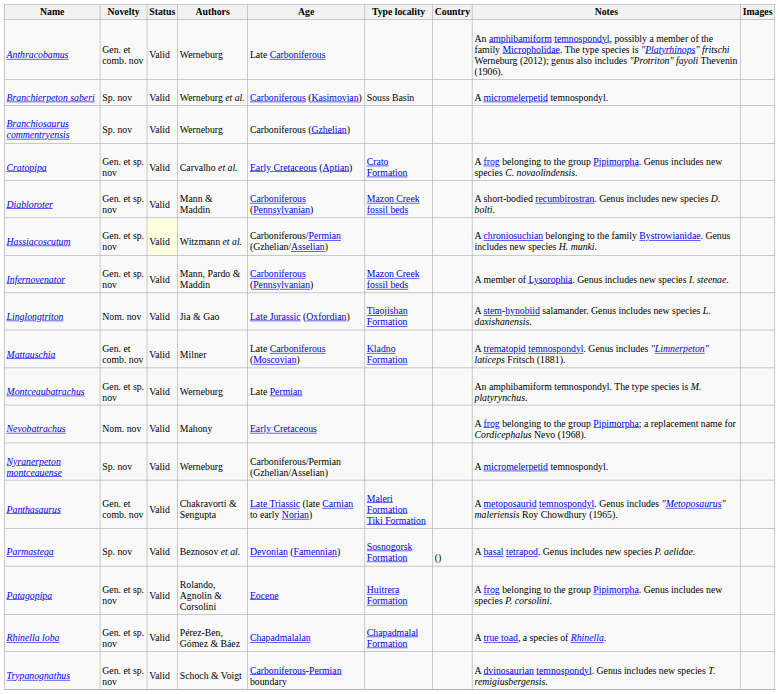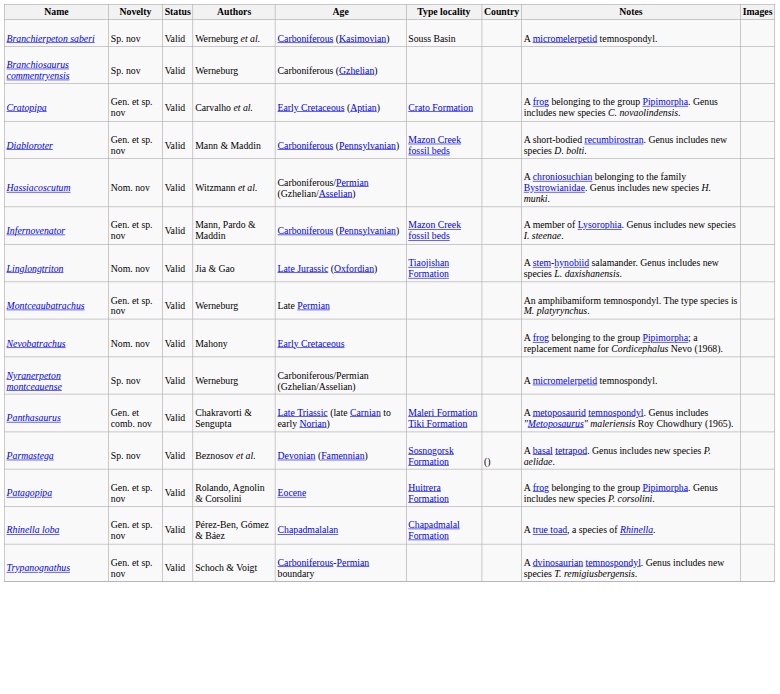 <table class="wikitable sortable" align="center" width="100%">
 <tr>
 <th>Name</th>
 <th>Novelty</th>
 <th>Status</th>
 <th>Authors</th>
 <th>Age</th>
 <th>Type locality</th>
 <th>Country</th>
 <th>Notes</th>
 <th>Images</th>
-</tr>
-<tr>
-<td><br><em><a href='#'>Anthracobamus</a></em></td>
-<td><br>Gen. et comb. nov</td>
-<td><br>Valid</td>
-<td><br>Werneburg</td>
-<td><br>Late <a href='#'>Carboniferous</a></td>
-<td></td>
-<td><br><br> </td>
-<td><br>An <a href='#'>amphibamiform</a> <a href='#'>temnospondyl</a>, possibly a member of the family <a href='#'>Micropholidae</a>. The type species is <em>"<a href='#'>Platyrhinops</a>" fritschi</em> Werneburg (2012); genus also includes <em>"Protriton" fayoli</em> Thevenin (1906).</td>
-<td></td>
 </tr>
 <tr>
 <td><br><em><a href='#'>Branchierpeton saberi</a></em></td>
 <td><br>Sp. nov</td>
 <td><br>Valid</td>
 <td><br>Werneburg <em>et al.</em></td>
 <td><br><a href='#'>Carboniferous</a> (<a href='#'>Kasimovian</a>)</td>
 <td><br>Souss Basin</td>
 <td><br></td>
 <td><br>A <a href='#'>micromelerpetid</a> temnospondyl.</td>
 <td></td>
 </tr>
 <tr>
 <td><br><em><a href='#'>Branchiosaurus commentryensis</a></em></td>
 <td><br>Sp. nov</td>
 <td><br>Valid</td>
 <td><br>Werneburg</td>
 <td><br>Carboniferous (<a href='#'>Gzhelian</a>)</td>
 <td></td>
 <td><br></td>
 <td></td>
 <td></td>
 </tr>
 <tr>
 <td><br><em><a href='#'>Cratopipa</a></em></td>
 <td><br>Gen. et sp. nov</td>
 <td><br>Valid</td>
 <td><br>Carvalho <em>et al.</em></td>
 <td><br><a href='#'>Early Cretaceous</a> (<a href='#'>Aptian</a>)</td>
 <td><br><a href='#'>Crato Formation</a></td>
 <td><br></td>
 <td><br>A <a href='#'>frog</a> belonging to the group <a href='#'>Pipimorpha</a>. Genus includes new species <em>C. novaolindensis</em>.</td>
 <td></td>
 </tr>
 <tr>
 <td><br><em><a href='#'>Diabloroter</a></em></td>
 <td><br>Gen. et sp. nov</td>
 <td><br>Valid</td>
 <td><br>Mann & Maddin</td>
 <td><br><a href='#'>Carboniferous</a> (<a href='#'>Pennsylvanian</a>)</td>
 <td><br><a href='#'>Mazon Creek fossil beds</a></td>
 <td><br></td>
 <td><br>A short-bodied <a href='#'>recumbirostran</a>. Genus includes new species <em>D. bolti</em>.</td>
 <td></td>
 </tr>
 <tr>
 <td><br><em><a href='#'>Hassiacoscutum</a></em></td>
-<td><br>Gen. et sp. nov</td>
-<td style="background: lightyellow;"><br>Valid</td>
+<td><br>Nom. nov</td>
+<td><br>Valid</td>
 <td><br>Witzmann <em>et al.</em></td>
 <td><br>Carboniferous/<a href='#'>Permian</a> (Gzhelian/<a href='#'>Asselian</a>)</td>
 <td></td>
 <td><br></td>
 <td><br>A <a href='#'>chroniosuchian</a> belonging to the family <a href='#'>Bystrowianidae</a>. Genus includes new species <em>H. munki</em>.</td>
 <td></td>
 </tr>
 <tr>
 <td><br><em><a href='#'>Infernovenator</a></em></td>
 <td><br>Gen. et sp. nov</td>
 <td><br>Valid</td>
 <td><br>Mann, Pardo & Maddin</td>
 <td><br><a href='#'>Carboniferous</a> (<a href='#'>Pennsylvanian</a>)</td>
 <td><br><a href='#'>Mazon Creek fossil beds</a></td>
 <td><br></td>
 <td><br>A member of <a href='#'>Lysorophia</a>. Genus includes new species <em>I. steenae</em>.</td>
 <td></td>
 </tr>
 <tr>
 <td><br><em><a href='#'>Linglongtriton</a></em></td>
 <td><br>Nom. nov</td>
 <td><br>Valid</td>
 <td><br>Jia & Gao</td>
 <td><br><a href='#'>Late Jurassic</a> (<a href='#'>Oxfordian</a>)</td>
 <td><br><a href='#'>Tiaojishan Formation</a></td>
 <td><br></td>
 <td><br>A <a href='#'>stem</a>-<a href='#'>hynobiid</a> salamander. Genus includes new species <em>L. daxishanensis</em>.</td>
-<td></td>
-</tr>
-<tr>
-<td><br><em><a href='#'>Mattauschia</a></em></td>
-<td><br>Gen. et comb. nov</td>
-<td><br>Valid</td>
-<td><br>Milner</td>
-<td><br>Late <a href='#'>Carboniferous</a> (<a href='#'>Moscovian</a>)</td>
-<td><br><a href='#'>Kladno Formation</a></td>
-<td><br></td>
-<td><br>A <a href='#'>trematopid</a> <a href='#'>temnospondyl</a>. Genus includes <em>"<a href='#'>Limnerpeton</a>" laticeps</em> Fritsch (1881).</td>
 <td></td>
 </tr>
 <tr>
 <td><br><em><a href='#'>Montceaubatrachus</a></em></td>
 <td><br>Gen. et sp. nov</td>
 <td><br>Valid</td>
 <td><br>Werneburg</td>
 <td><br>Late <a href='#'>Permian</a></td>
 <td></td>
 <td><br></td>
 <td><br>An amphibamiform temnospondyl. The type species is <em>M. platyrynchus</em>.</td>
 <td></td>
 </tr>
 <tr>
 <td><br><em><a href='#'>Nevobatrachus</a></em></td>
 <td><br>Nom. nov</td>
 <td><br>Valid</td>
 <td><br>Mahony</td>
 <td><br><a href='#'>Early Cretaceous</a></td>
 <td></td>
 <td><br></td>
 <td><br>A <a href='#'>frog</a> belonging to the group <a href='#'>Pipimorpha</a>; a replacement name for <em>Cordicephalus</em> Nevo (1968).</td>
 <td></td>
 </tr>
 <tr>
 <td><br><em><a href='#'>Nyranerpeton montceauense</a></em></td>
 <td><br>Sp. nov</td>
 <td><br>Valid</td>
 <td><br>Werneburg</td>
 <td><br>Carboniferous/Permian (Gzhelian/Asselian)</td>
 <td></td>
 <td><br></td>
 <td><br>A <a href='#'>micromelerpetid</a> temnospondyl.</td>
 <td></td>
 </tr>
 <tr>
 <td><br><em><a href='#'>Panthasaurus</a></em></td>
 <td><br>Gen. et comb. nov</td>
 <td><br>Valid</td>
 <td><br>Chakravorti & Sengupta</td>
 <td><br><a href='#'>Late Triassic</a> (late <a href='#'>Carnian</a> to early <a href='#'>Norian</a>)</td>
 <td><br><a href='#'>Maleri Formation</a><br> <a href='#'>Tiki Formation</a></td>
 <td><br></td>
 <td><br>A <a href='#'>metoposaurid</a> <a href='#'>temnospondyl</a>. Genus includes <em>"<a href='#'>Metoposaurus</a>" maleriensis</em> Roy Chowdhury (1965).</td>
 <td></td>
 </tr>
 <tr>
 <td><br><em><a href='#'>Parmastega</a></em></td>
 <td><br>Sp. nov</td>
 <td><br>Valid</td>
 <td><br>Beznosov <em>et al.</em></td>
 <td><br><a href='#'>Devonian</a> (<a href='#'>Famennian</a>)</td>
 <td><br><a href='#'>Sosnogorsk Formation</a></td>
 <td><br><br>()</td>
 <td><br>A <a href='#'>basal</a> <a href='#'>tetrapod</a>. Genus includes new species <em>P. aelidae</em>.</td>
 <td></td>
 </tr>
 <tr>
 <td><br><em><a href='#'>Patagopipa</a></em></td>
 <td><br>Gen. et sp. nov</td>
 <td><br>Valid</td>
 <td><br>Rolando, Agnolin & Corsolini</td>
 <td><br><a href='#'>Eocene</a></td>
 <td><br><a href='#'>Huitrera Formation</a></td>
 <td><br></td>
 <td><br>A <a href='#'>frog</a> belonging to the group <a href='#'>Pipimorpha</a>. Genus includes new species <em>P. corsolini</em>.</td>
 <td></td>
 </tr>
 <tr>
 <td><br><em><a href='#'>Rhinella loba</a></em></td>
 <td><br>Gen. et sp. nov</td>
 <td><br>Valid</td>
 <td><br>Pérez-Ben, Gómez & Báez</td>
 <td><br><a href='#'>Chapadmalalan</a></td>
 <td><br><a href='#'>Chapadmalal Formation</a></td>
 <td><br></td>
 <td><br>A <a href='#'>true toad</a>, a species of <em><a href='#'>Rhinella</a></em>.</td>
 <td></td>
 </tr>
 <tr>
 <td><br><em><a href='#'>Trypanognathus</a></em></td>
 <td><br>Gen. et sp. nov</td>
 <td><br>Valid</td>
 <td><br>Schoch & Voigt</td>
 <td><br><a href='#'>Carboniferous</a>-<a href='#'>Permian</a> boundary</td>
 <td></td>
 <td><br></td>
 <td><br>A <a href='#'>dvinosaurian</a> <a href='#'>temnospondyl</a>. Genus includes new species <em>T. remigiusbergensis</em>.</td>
 <td></td>
 </tr>
 <tr>
 </tr>
 </table>
